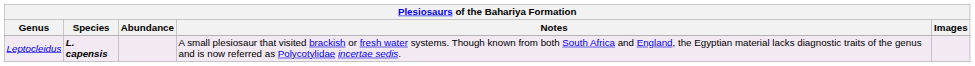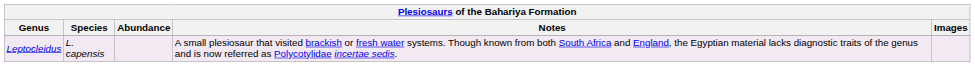 <table class="wikitable" align="center" width="100%">
 <tr>
 <th colspan="5" align="center"><strong><a href='#'>Plesiosaurs</a> of the Bahariya Formation</strong></th>
 </tr>
 <tr>
 <th>Genus</th>
 <th>Species</th>
 <th>Abundance</th>
 <th>Notes</th>
 <th>Images</th>
 </tr>
 <tr>
 </tr>
 <tr style="background:#f3e9f3;">
 <td><em><a href='#'>Leptocleidus</a></em></td>
-<td><strong><em>L. capensis</em></strong></td>
+<td><em>L. capensis</em></td>
 <td></td>
 <td>A small plesiosaur that visited <a href='#'>brackish</a> or <a href='#'>fresh water</a> systems. Though known from both <a href='#'>South Africa</a> and <a href='#'>England</a>, the Egyptian material lacks diagnostic traits of the genus and is now referred as <a href='#'>Polycotylidae</a> <em><a href='#'>incertae sedis</a></em>.</td>
 <td></td>
 </tr>
 </table>
